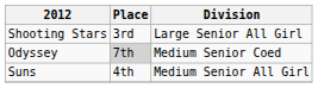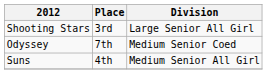 <table class="wikitable">
 <tr>
 <th>2012</th>
 <th>Place</th>
 <th>Division</th>
 </tr>
 <tr>
 <td>Shooting Stars</td>
 <td>3rd</td>
 <td>Large Senior All Girl</td>
 </tr>
 <tr>
 <td>Odyssey</td>
-<td style="background: lightgrey;">7th</td>
+<td>7th</td>
 <td>Medium Senior Coed</td>
 </tr>
 <tr>
 <td>Suns</td>
 <td>4th</td>
 <td>Medium Senior All Girl</td>
 </tr>
 <tr twinkles ||1st || nca>
 </tr>
 </table>
